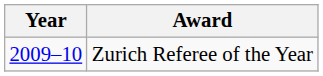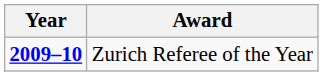 <table class="wikitable" border="1">
 <tr>
 <th>Year</th>
 <th>Award</th>
 </tr>
 <tr>
-<td><a href='#'>2009–10</a></td>
+<td><strong><a href='#'>2009–10</a></strong></td>
 <td>Zurich Referee of the Year</td>
 </tr>
 </table>
